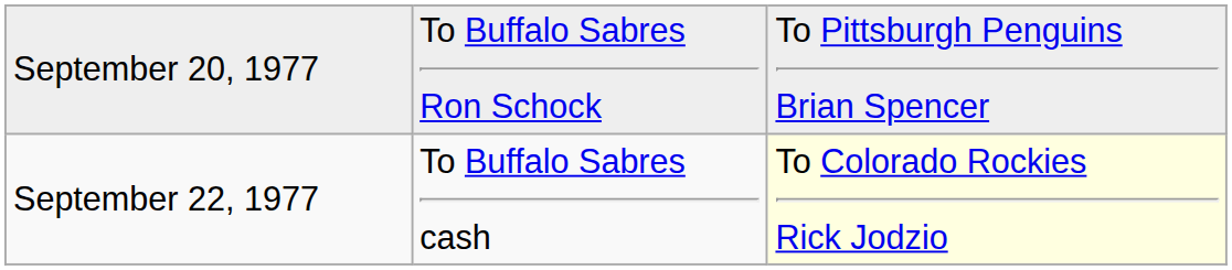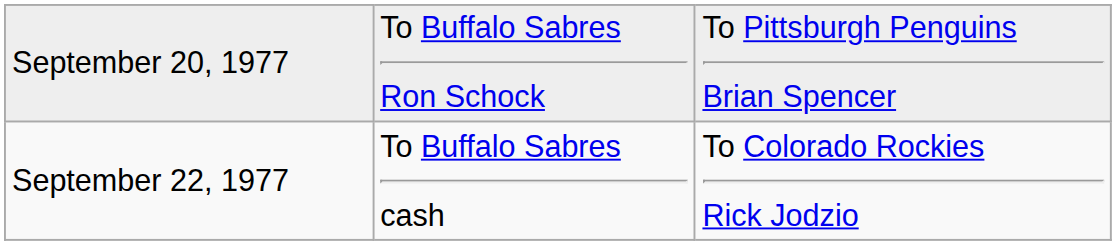 <table class="wikitable" style="border:1px solid #999; width:580px;">
 <tr style="background:#eee;">
 <td>September 20, 1977</td>
 <td valign="top">To <a href='#'>Buffalo Sabres</a><hr><a href='#'>Ron Schock</a></td>
 <td valign="top">To <a href='#'>Pittsburgh Penguins</a><hr><a href='#'>Brian Spencer</a></td>
 </tr>
 <tr>
 <td>September 22, 1977</td>
 <td valign="top">To <a href='#'>Buffalo Sabres</a><hr>cash</td>
-<td valign="top" style="background: lightyellow;">To <a href='#'>Colorado Rockies</a><hr><a href='#'>Rick Jodzio</a></td>
+<td valign="top">To <a href='#'>Colorado Rockies</a><hr><a href='#'>Rick Jodzio</a></td>
 </tr>
 </table>
